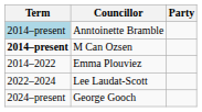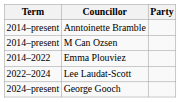 <table class="wikitable">
 <tr>
 <th>Term</th>
 <th>Councillor</th>
 <th colspan=2>Party</th>
 </tr>
 <tr>
-<td style="background: lightblue;">2014–present</td>
+<td>2014–present</td>
 <td>Anntoinette Bramble</td>
 <td></td>
 </tr>
 <tr>
-<td><strong>2014–present</strong></td>
+<td>2014–present</td>
 <td>M Can Ozsen</td>
 <td></td>
 </tr>
 <tr>
 <td>2014–2022</td>
 <td>Emma Plouviez</td>
 <td></td>
 </tr>
 <tr>
 <td>2022–2024</td>
 <td>Lee Laudat-Scott</td>
 <td></td>
 </tr>
 <tr>
 <td>2024–present</td>
 <td>George Gooch</td>
 <td></td>
 </tr>
 </table>
